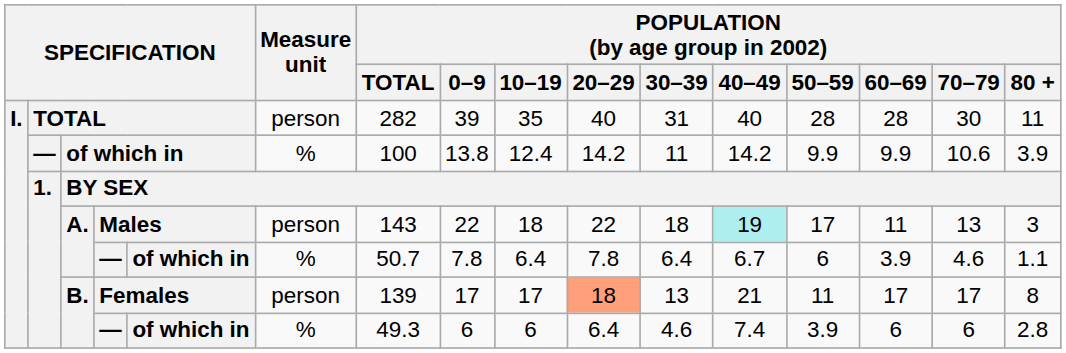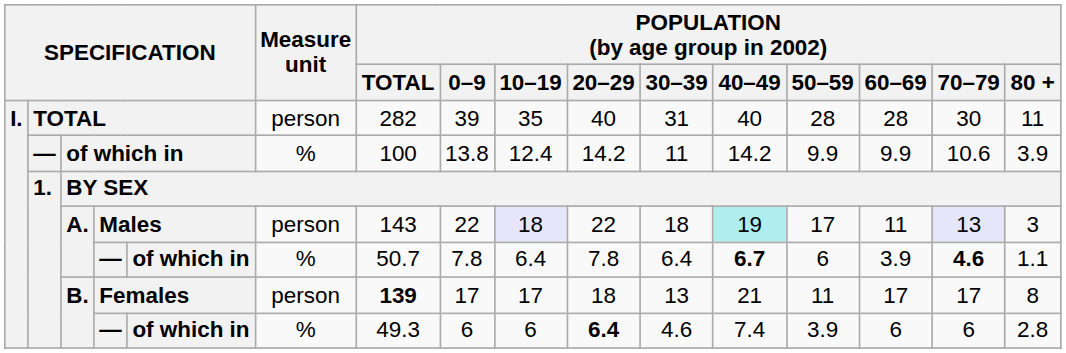 <table class="wikitable" style="font-size:85%; text-align:center">
 <tr>
 <th rowspan="2" colspan="5">SPECIFICATION</th>
 <th rowspan="2">Measure<br> unit</th>
 <th colspan="10" rowspan="1">POPULATION<br> (by age group in 2002)</th>
 </tr>
 <tr>
 <th>TOTAL</th>
 <th>0–9</th>
 <th>10–19</th>
 <th>20–29</th>
 <th>30–39</th>
 <th>40–49</th>
 <th>50–59</th>
 <th>60–69</th>
 <th>70–79</th>
 <th>80 +</th>
 </tr>
 <tr>
 <th style="text-align:left" valign="top" rowspan="7">I.</th>
 <th style="text-align:left" colspan="4">TOTAL</th>
 <td>person</td>
 <td>282</td>
 <td>39</td>
 <td>35</td>
 <td>40</td>
 <td>31</td>
 <td>40</td>
 <td>28</td>
 <td>28</td>
 <td>30</td>
 <td>11</td>
 </tr>
 <tr>
 <th style="text-align:left" valign="top">—</th>
 <th style="text-align:left" colspan="3">of which in</th>
 <td>%</td>
 <td>100</td>
 <td>13.8</td>
 <td>12.4</td>
 <td>14.2</td>
 <td>11</td>
 <td>14.2</td>
 <td>9.9</td>
 <td>9.9</td>
 <td>10.6</td>
 <td>3.9</td>
 </tr>
 <tr>
 <th style="text-align:left" valign="top" rowspan="5">1.</th>
 <th style="text-align:left" colspan="14">BY SEX</th>
 </tr>
 <tr>
 <th style="text-align:left" valign="top" rowspan="2">A.</th>
 <th style="text-align:left" colspan="2">Males</th>
 <td>person</td>
 <td>143</td>
 <td>22</td>
-<td>18</td>
+<td style="background: lavender;">18</td>
 <td>22</td>
 <td>18</td>
 <td style="background: paleturquoise;">19</td>
 <td>17</td>
 <td>11</td>
-<td>13</td>
+<td style="background: lavender;">13</td>
 <td>3</td>
 </tr>
 <tr>
 <th style="text-align:left" valign="top">—</th>
 <th style="text-align:left" colspan="1">of which in</th>
 <td>%</td>
 <td>50.7</td>
 <td>7.8</td>
 <td>6.4</td>
 <td>7.8</td>
 <td>6.4</td>
-<td>6.7</td>
+<td><strong>6.7</strong></td>
 <td>6</td>
 <td>3.9</td>
-<td>4.6</td>
+<td><strong>4.6</strong></td>
 <td>1.1</td>
 </tr>
 <tr>
 <th style="text-align:left" valign="top" rowspan="2">B.</th>
 <th style="text-align:left" colspan="2">Females</th>
 <td>person</td>
-<td>139</td>
+<td><strong>139</strong></td>
 <td>17</td>
 <td>17</td>
-<td style="background: lightsalmon;">18</td>
+<td>18</td>
 <td>13</td>
 <td>21</td>
 <td>11</td>
 <td>17</td>
 <td>17</td>
 <td>8</td>
 </tr>
 <tr>
 <th style="text-align:left" valign="top">—</th>
 <th style="text-align:left" colspan="1">of which in</th>
 <td>%</td>
 <td>49.3</td>
 <td>6</td>
 <td>6</td>
-<td>6.4</td>
+<td><strong>6.4</strong></td>
 <td>4.6</td>
 <td>7.4</td>
 <td>3.9</td>
 <td>6</td>
 <td>6</td>
 <td>2.8</td>
 </tr>
 </table>
